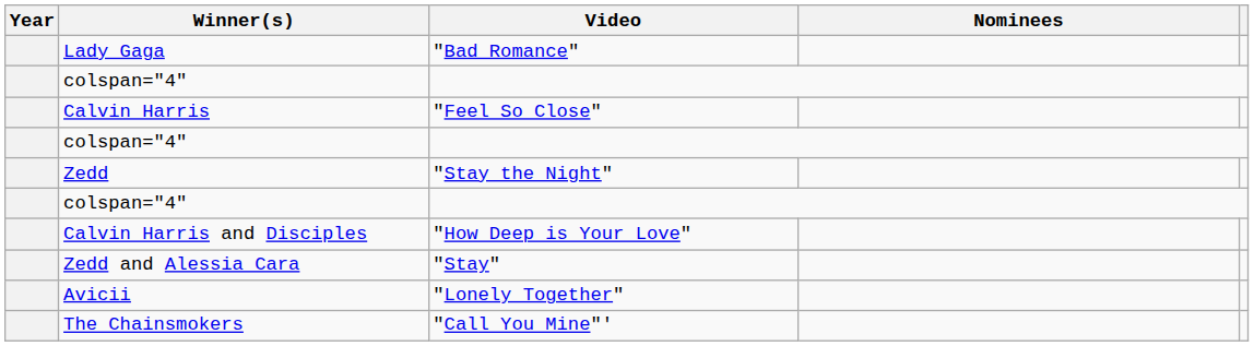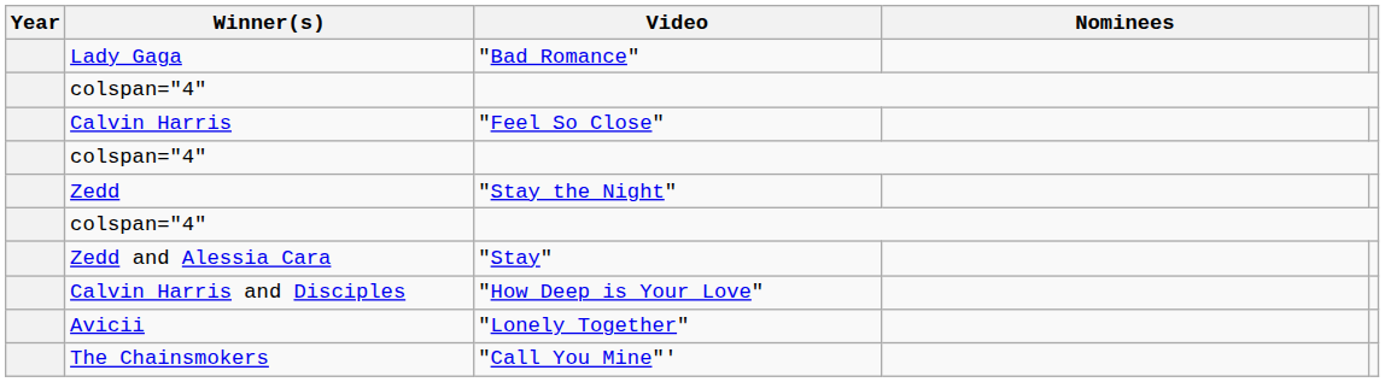 <table class="wikitable sortable">
 <tr>
 <th scope="col">Year</th>
 <th scope="col" style="width:250px;">Winner(s)</th>
 <th scope="col" style="width:250px;">Video</th>
 <th scope="col" style="width:300px;">Nominees</th>
 <th scope="col" class="unsortable"></th>
 </tr>
 <tr>
 <th scope="row"></th>
 <td><a href='#'>Lady Gaga</a></td>
 <td>"<a href='#'>Bad Romance</a>"</td>
 <td></td>
 <td align="center"></td>
 </tr>
 <tr>
 <th scope="row"></th>
 <td>colspan="4" </td>
 </tr>
 <tr>
 <th scope="row"></th>
 <td><a href='#'>Calvin Harris</a></td>
 <td>"<a href='#'>Feel So Close</a>"</td>
 <td></td>
 <td align="center"></td>
 </tr>
 <tr>
 <th scope="row"></th>
 <td>colspan="4" </td>
 </tr>
 <tr>
 <th scope="row"></th>
 <td><a href='#'>Zedd</a> </td>
 <td>"<a href='#'>Stay the Night</a>"</td>
 <td></td>
 <td align="center"></td>
 </tr>
 <tr>
 <th scope="row"></th>
 <td>colspan="4" </td>
 </tr>
 <tr>
 <th scope="row"></th>
-<td><a href='#'>Calvin Harris</a> and <a href='#'>Disciples</a></td>
-<td>"<a href='#'>How Deep is Your Love</a>"</td>
+<td><a href='#'>Zedd</a> and <a href='#'>Alessia Cara</a></td>
+<td>"<a href='#'>Stay</a>"</td>
 <td></td>
 <td align="center"></td>
 </tr>
 <tr>
 <th scope="row"></th>
-<td><a href='#'>Zedd</a> and <a href='#'>Alessia Cara</a></td>
-<td>"<a href='#'>Stay</a>"</td>
+<td><a href='#'>Calvin Harris</a> and <a href='#'>Disciples</a></td>
+<td>"<a href='#'>How Deep is Your Love</a>"</td>
 <td></td>
 <td align="center"></td>
 </tr>
 <tr>
 <th scope="row"></th>
 <td><a href='#'>Avicii</a> </td>
 <td>"<a href='#'>Lonely Together</a>"</td>
 <td></td>
 <td align="center"></td>
 </tr>
 <tr>
 <th scope="row"></th>
 <td><a href='#'>The Chainsmokers</a> </td>
 <td>"<a href='#'>Call You Mine</a>"'</td>
 <td></td>
 <td align="center"></td>
 </tr>
 </table>
